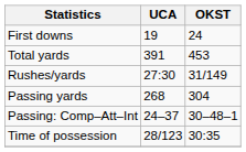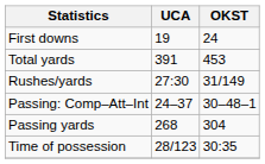 <table class="wikitable" style="float: left;">
 <tr>
 <th>Statistics</th>
 <th>UCA</th>
 <th>OKST</th>
 </tr>
 <tr>
 <td>First downs</td>
 <td>19</td>
 <td>24</td>
 </tr>
 <tr>
 <td>Total yards</td>
 <td>391</td>
 <td>453</td>
 </tr>
 <tr>
 <td>Rushes/yards</td>
 <td>27:30</td>
 <td>31/149</td>
 </tr>
 <tr>
+<td>Passing: Comp–Att–Int</td>
+<td>24–37</td>
+<td>30–48–1</td>
+</tr>
+<tr>
 <td>Passing yards</td>
 <td>268</td>
 <td>304</td>
-</tr>
-<tr>
-<td>Passing: Comp–Att–Int</td>
-<td>24–37</td>
-<td>30–48–1</td>
 </tr>
 <tr>
 <td>Time of possession</td>
 <td>28/123</td>
 <td>30:35</td>
 </tr>
 <tr>
 </tr>
 </table>
